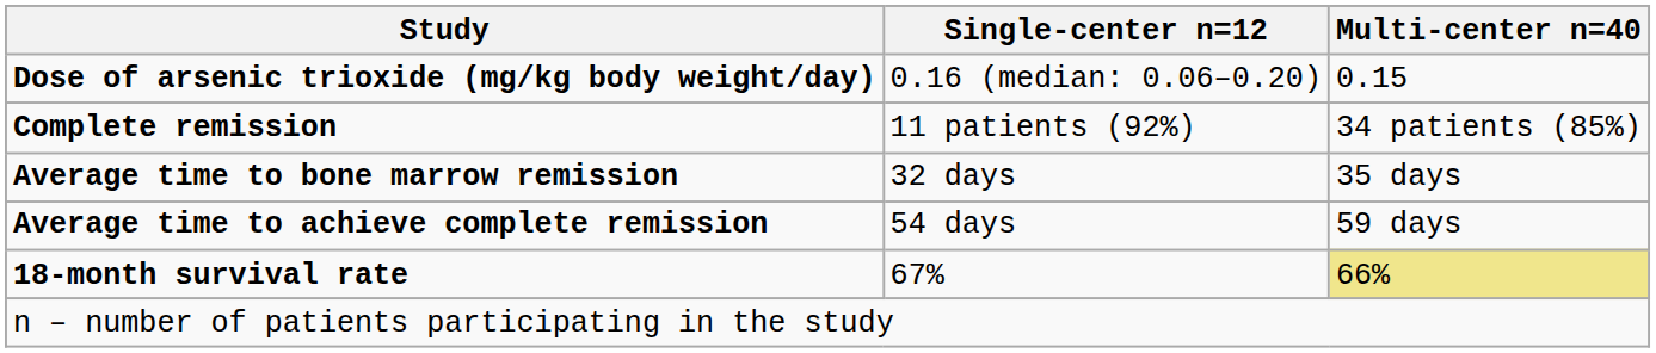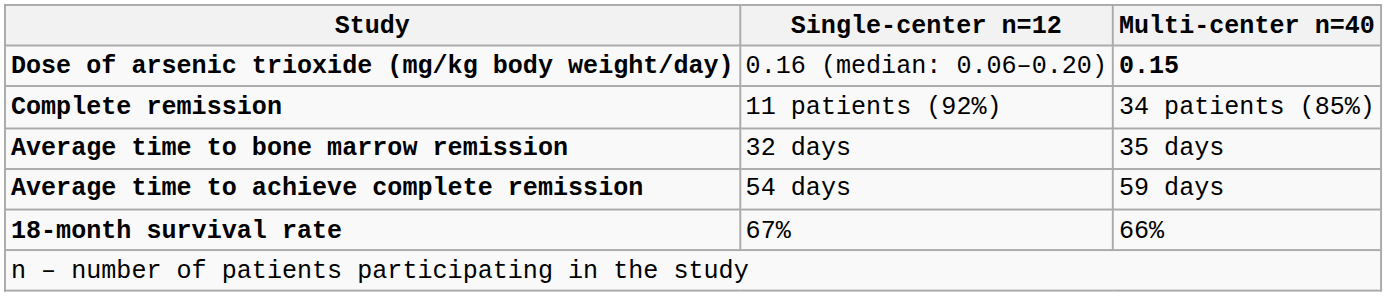 <table class="wikitable">
 <tr>
 <th>Study</th>
 <th>Single-center n=12</th>
 <th>Multi-center n=40</th>
 </tr>
 <tr>
 <td><strong>Dose of arsenic trioxide (mg/kg body weight/day)</strong></td>
 <td>0.16 (median: 0.06–0.20)</td>
-<td>0.15</td>
+<td><strong>0.15</strong></td>
 </tr>
 <tr>
 <td><strong>Complete remission</strong></td>
 <td>11 patients (92%)</td>
 <td>34 patients (85%)</td>
 </tr>
 <tr>
 <td><strong>Average time to bone marrow remission</strong></td>
 <td>32 days</td>
 <td>35 days</td>
 </tr>
 <tr>
 <td><strong>Average time to achieve complete remission</strong></td>
 <td>54 days</td>
 <td>59 days</td>
 </tr>
 <tr>
 <td><strong>18-month survival rate</strong></td>
 <td>67%</td>
-<td style="background: khaki;">66%</td>
+<td>66%</td>
 </tr>
 <tr>
 <td colspan="3">n – number of patients participating in the study</td>
 </tr>
 </table>
